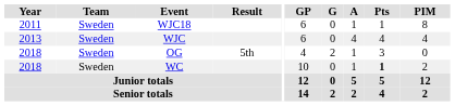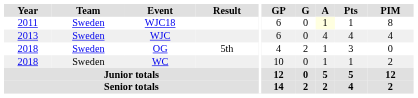 <table border="0" cellpadding="1" cellspacing="0" ID="Table3" style="text-align:center; width:40em">
 <tr ALIGN="center" bgcolor="#e0e0e0">
 <th>Year</th>
 <th>Team</th>
 <th>Event</th>
 <th>Result</th>
 <th rowspan="99" bgcolor="#ffffff"></th>
 <th>GP</th>
 <th>G</th>
 <th>A</th>
 <th>Pts</th>
 <th>PIM</th>
 </tr>
 <tr>
 <td><a href='#'>2011</a></td>
 <td><a href='#'>Sweden</a></td>
 <td><a href='#'>WJC18</a></td>
 <td></td>
 <td>6</td>
 <td>0</td>
-<td>1</td>
+<td style="background: lightyellow;">1</td>
 <td>1</td>
 <td>8</td>
 </tr>
 <tr bgcolor="#f0f0f0">
 <td><a href='#'>2013</a></td>
 <td><a href='#'>Sweden</a></td>
 <td><a href='#'>WJC</a></td>
 <td></td>
 <td>6</td>
 <td>0</td>
 <td>4</td>
 <td>4</td>
 <td>4</td>
 </tr>
 <tr>
 <td><a href='#'>2018</a></td>
 <td><a href='#'>Sweden</a></td>
 <td><a href='#'>OG</a></td>
 <td>5th</td>
 <td>4</td>
 <td>2</td>
 <td>1</td>
 <td>3</td>
 <td>0</td>
 </tr>
 <tr bgcolor="#f0f0f0">
 <td><a href='#'>2018</a></td>
 <td>Sweden</td>
 <td><a href='#'>WC</a></td>
 <td></td>
 <td>10</td>
 <td>0</td>
 <td>1</td>
-<td><strong>1</strong></td>
+<td>1</td>
 <td>2</td>
 </tr>
 <tr bgcolor="#e0e0e0">
 <th colspan="4">Junior totals</th>
 <th>12</th>
 <th>0</th>
 <th>5</th>
 <th>5</th>
 <th>12</th>
 </tr>
 <tr bgcolor="#e0e0e0">
 <th colspan="4">Senior totals</th>
 <th>14</th>
 <th>2</th>
 <th>2</th>
 <th>4</th>
 <th>2</th>
 </tr>
 </table>
